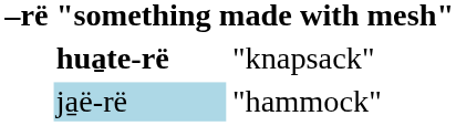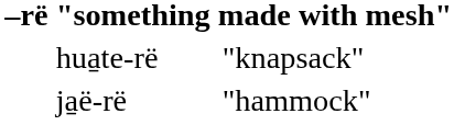 <table>
 <tr>
 <th>–rë</th>
 <th colspan="4">"something made with mesh"</th>
 </tr>
 <tr>
 <td></td>
-<td><strong>hua̱te-rë</strong></td>
+<td>hua̱te-rë</td>
 <td colspan="3">"knapsack"</td>
 </tr>
 <tr>
 <td></td>
-<td style="background: lightblue;">ja̱ë-rë</td>
+<td>ja̱ë-rë</td>
 <td colspan="3">"hammock"</td>
 </tr>
 </table>
